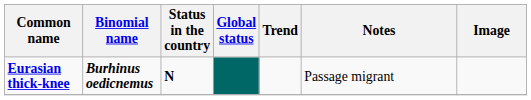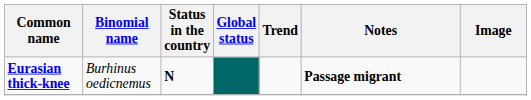 <table class="wikitable sortable">
 <tr>
 <th width="15%">Common name</th>
 <th width="15%"><a href='#'>Binomial name</a></th>
 <th data-sort-type="number" width="1%">Status in the country</th>
 <th width="5%"><a href='#'>Global status</a></th>
 <th width="1%">Trend</th>
 <th class="unsortable">Notes</th>
 <th class="unsortable">Image</th>
 </tr>
 <tr>
 <td><strong><a href='#'>Eurasian thick-knee</a></strong></td>
-<td><strong><em>Burhinus oedicnemus</em></strong></td>
+<td><em>Burhinus oedicnemus</em></td>
 <td><strong>N</strong></td>
 <td align=center style="background: #006666"></td>
 <td align=center></td>
-<td>Passage migrant</td>
+<td><strong>Passage migrant</strong></td>
 <td></td>
 </tr>
 <tr>
 </tr>
 </table>
